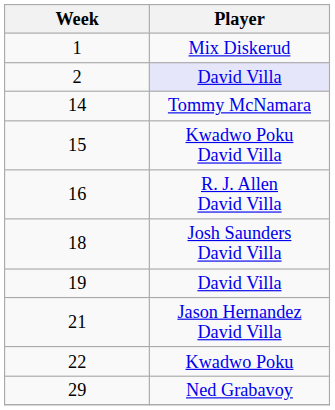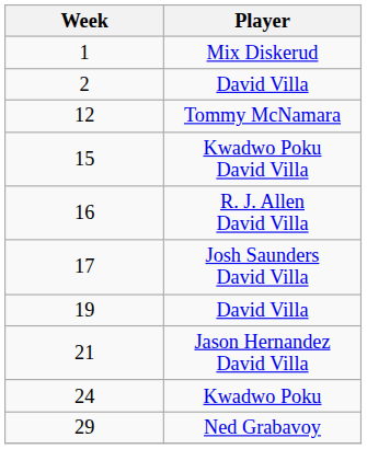 <table class="wikitable" style="text-align:center">
 <tr>
 <th>Week</th>
 <th>Player</th>
 </tr>
 <tr>
 <td style="width:120px;">1</td>
 <td style="width:150px;"> <a href='#'>Mix Diskerud</a></td>
 </tr>
 <tr>
 <td style="width:120px;">2</td>
-<td style="background: lavender; width:150px;"> <a href='#'>David Villa</a></td>
+<td style="width:150px;"> <a href='#'>David Villa</a></td>
 </tr>
 <tr>
-<td style="width:120px;">14</td>
+<td style="width:120px;">12</td>
 <td style="width:150px;"> <a href='#'>Tommy McNamara</a></td>
 </tr>
 <tr>
 <td style="width:120px;">15</td>
 <td style="width:150px;"> <a href='#'>Kwadwo Poku</a><br> <a href='#'>David Villa</a></td>
 </tr>
 <tr>
 <td style="width:120px;">16</td>
 <td style="width:150px;"> <a href='#'>R. J. Allen</a><br> <a href='#'>David Villa</a></td>
 </tr>
 <tr>
-<td style="width:120px;">18</td>
+<td style="width:120px;">17</td>
 <td style="width:150px;"> <a href='#'>Josh Saunders</a><br> <a href='#'>David Villa</a></td>
 </tr>
 <tr>
 <td style="width:120px;">19</td>
 <td style="width:150px;"> <a href='#'>David Villa</a></td>
 </tr>
 <tr>
 <td style="width:120px;">21</td>
 <td style="width:150px;"> <a href='#'>Jason Hernandez</a><br> <a href='#'>David Villa</a></td>
 </tr>
 <tr>
-<td style="width:120px;">22</td>
+<td style="width:120px;">24</td>
 <td style="width:150px;"> <a href='#'>Kwadwo Poku</a></td>
 </tr>
 <tr>
 <td style="width:120px;">29</td>
 <td style="width:150px;"> <a href='#'>Ned Grabavoy</a></td>
 </tr>
 <tr>
 </tr>
 </table>
